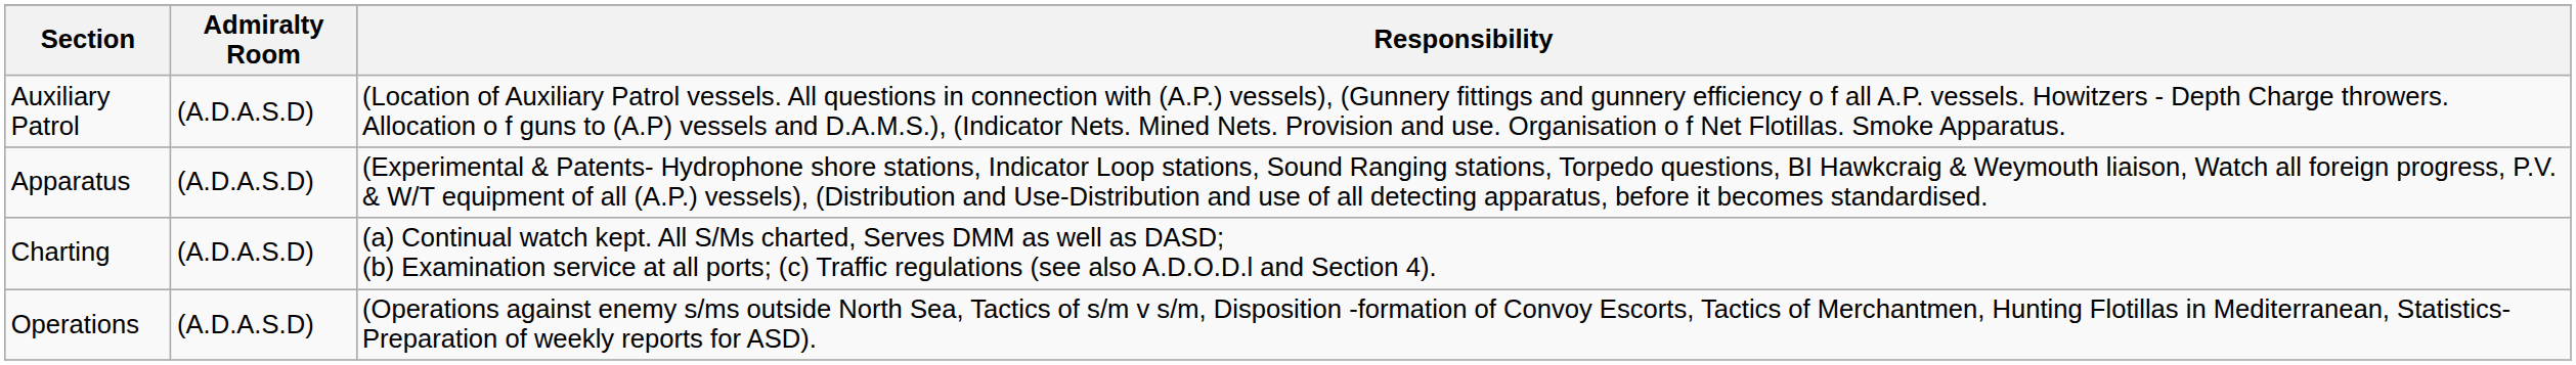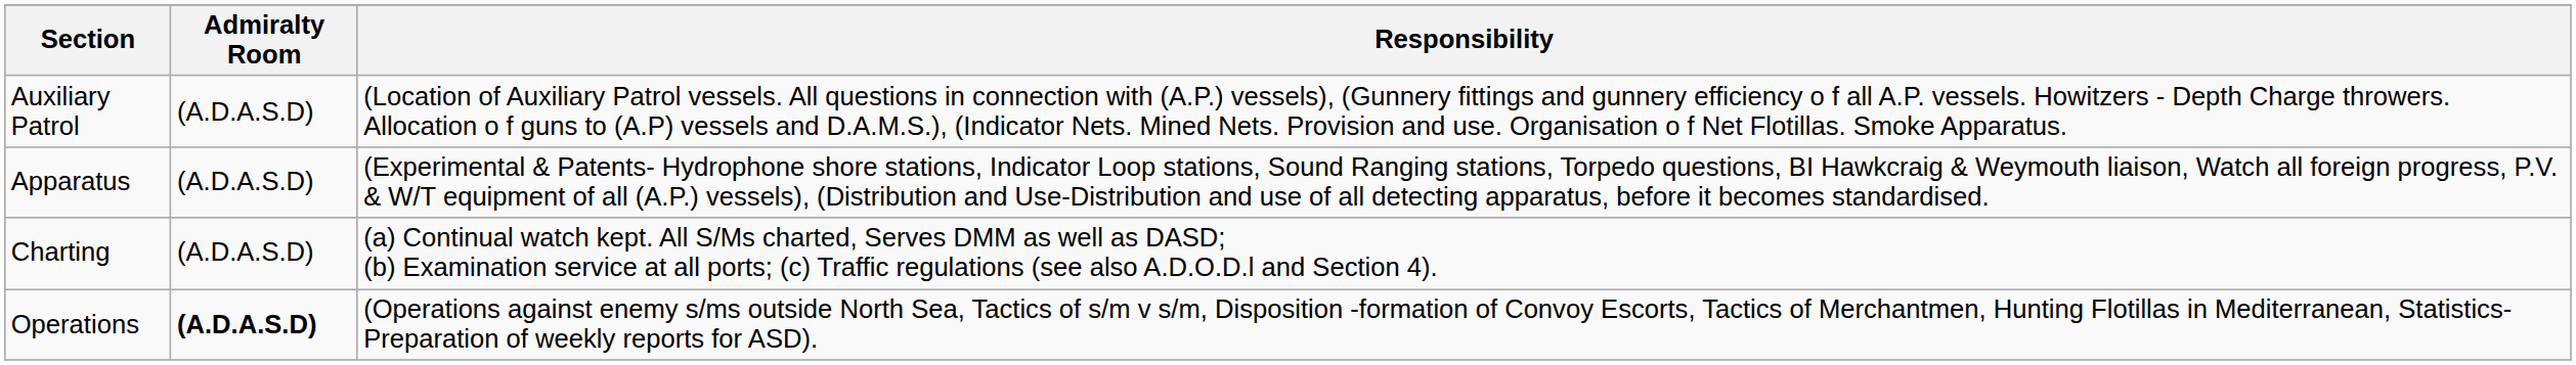 <table class=" wikitable"">
 <tr>
 </tr>
 <tr>
 <th>Section</th>
 <th>Admiralty Room</th>
 <th>Responsibility</th>
 </tr>
 <tr>
 <td>Auxiliary Patrol</td>
 <td>(A.D.A.S.D)</td>
 <td>(Location of Auxiliary Patrol vessels. All questions in connection with (A.P.) vessels), (Gunnery fittings and gunnery efficiency o f all A.P. vessels. Howitzers - Depth Charge throwers. Allocation o f guns to (A.P) vessels and D.A.M.S.), (Indicator Nets. Mined Nets. Provision and use. Organisation o f Net Flotillas. Smoke Apparatus.</td>
 </tr>
 <tr>
 <td>Apparatus</td>
 <td>(A.D.A.S.D)</td>
 <td>(Experimental & Patents- Hydrophone shore stations, Indicator Loop stations, Sound Ranging stations, Torpedo questions, BI Hawkcraig & Weymouth liaison, Watch all foreign progress, P.V. & W/T  equipment of all (A.P.) vessels), (Distribution and Use-Distribution and use of all detecting apparatus, before it becomes standardised.</td>
 </tr>
 <tr>
 <td>Charting</td>
 <td>(A.D.A.S.D)</td>
 <td>(a) Continual watch kept. All S/Ms charted, Serves DMM as well as DASD;<br>(b) Examination service at all ports; (c) Traffic regulations (see also A.D.O.D.l and Section 4).</td>
 </tr>
 <tr>
 <td>Operations</td>
-<td>(A.D.A.S.D)</td>
+<td><strong>(A.D.A.S.D)</strong></td>
 <td>(Operations against enemy s/ms outside North Sea, Tactics of s/m v s/m, Disposition -formation of Convoy Escorts, Tactics of Merchantmen, Hunting Flotillas in Mediterranean, Statistics-Preparation of weekly reports for ASD).</td>
 </tr>
 </table>
